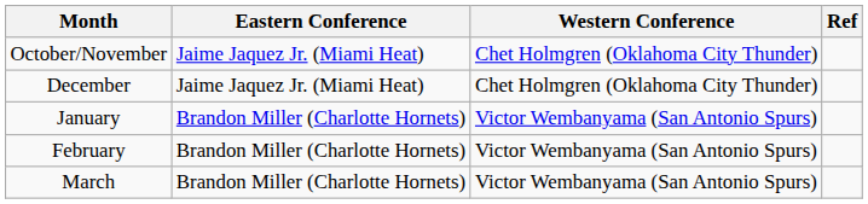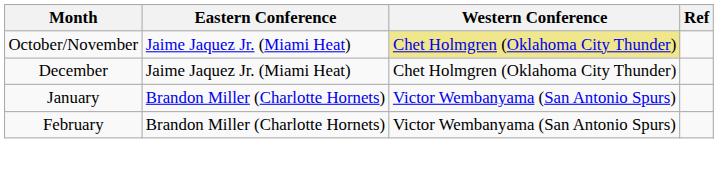 <table class="wikitable sortable" style="text-align:left;">
 <tr>
 <th>Month</th>
 <th>Eastern Conference</th>
 <th>Western Conference</th>
 <th class=unsortable>Ref</th>
 </tr>
 <tr>
 <td style="text-align:center;">October/November</td>
 <td><a href='#'>Jaime Jaquez Jr.</a> (<a href='#'>Miami Heat</a>) </td>
-<td><a href='#'>Chet Holmgren</a> (<a href='#'>Oklahoma City Thunder</a>) </td>
+<td style="background: khaki;"><a href='#'>Chet Holmgren</a> (<a href='#'>Oklahoma City Thunder</a>) </td>
 <td style="text-align:center;"></td>
 </tr>
 <tr>
 <td style="text-align:center;">December</td>
 <td>Jaime Jaquez Jr. (Miami Heat) </td>
 <td>Chet Holmgren (Oklahoma City Thunder) </td>
 <td style="text-align:center;"></td>
 </tr>
 <tr>
 <td style="text-align:center;">January</td>
 <td><a href='#'>Brandon Miller</a> (<a href='#'>Charlotte Hornets</a>) </td>
 <td><a href='#'>Victor Wembanyama</a> (<a href='#'>San Antonio Spurs</a>) </td>
 <td style="text-align:center;"></td>
 </tr>
 <tr>
 <td style="text-align:center;">February</td>
 <td>Brandon Miller (Charlotte Hornets) </td>
 <td>Victor Wembanyama (San Antonio Spurs) </td>
 <td style="text-align:center;"></td>
 </tr>
-<tr>
-<td style="text-align:center;'">March</td>
-<td>Brandon Miller (Charlotte Hornets) </td>
-<td>Victor Wembanyama (San Antonio Spurs) </td>
-<td style="text-align:center;"></td>
-</tr>
 </table>
